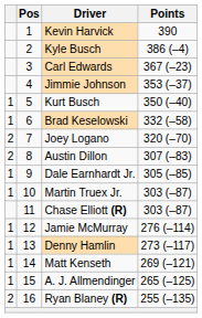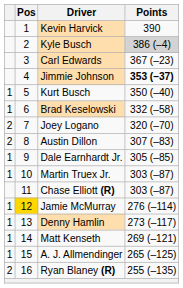 <table class="wikitable" style="font-size: 95%;">
 <tr>
 <th></th>
 <th>Pos</th>
 <th>Driver</th>
 <th>Points</th>
 </tr>
 <tr>
 <td align="left"></td>
 <td style="text-align:center;">1</td>
 <td style="background:#FFDEAD;">Kevin Harvick</td>
 <td style="text-align:center;">390</td>
 </tr>
 <tr>
 <td align="left"></td>
 <td style="text-align:center;">2</td>
 <td style="background:#FFDEAD;">Kyle Busch</td>
-<td style="text-align:center;">386 (–4)</td>
+<td style="background: lightgrey; text-align:center;">386 (–4)</td>
 </tr>
 <tr>
 <td align="left"></td>
 <td style="text-align:center;">3</td>
 <td style="background:#FFDEAD;">Carl Edwards</td>
 <td style="text-align:center;">367 (–23)</td>
 </tr>
 <tr>
 <td align="left"></td>
 <td style="text-align:center;">4</td>
 <td style="background:#FFDEAD;">Jimmie Johnson</td>
-<td style="text-align:center;">353 (–37)</td>
+<td style="text-align:center;"><strong>353 (–37)</strong></td>
 </tr>
 <tr>
 <td align="left"> 1</td>
 <td style="text-align:center;">5</td>
 <td>Kurt Busch</td>
 <td style="text-align:center;">350 (–40)</td>
 </tr>
 <tr>
 <td align="left"> 1</td>
 <td style="text-align:center;">6</td>
 <td style="background:#FFDEAD;">Brad Keselowski</td>
 <td style="text-align:center;">332 (–58)</td>
 </tr>
 <tr>
 <td align="left"> 2</td>
 <td style="text-align:center;">7</td>
 <td>Joey Logano</td>
 <td style="text-align:center;">320 (–70)</td>
 </tr>
 <tr>
 <td align="left"> 2</td>
 <td style="text-align:center;">8</td>
 <td>Austin Dillon</td>
 <td style="text-align:center;">307 (–83)</td>
 </tr>
 <tr>
 <td align="left"> 1</td>
 <td style="text-align:center;">9</td>
 <td>Dale Earnhardt Jr.</td>
 <td style="text-align:center;">305 (–85)</td>
 </tr>
 <tr>
 <td align="left"> 1</td>
 <td style="text-align:center;">10</td>
 <td>Martin Truex Jr.</td>
 <td style="text-align:center;">303 (–87)</td>
 </tr>
 <tr>
 <td align="left"></td>
 <td style="text-align:center;">11</td>
 <td>Chase Elliott <strong>(R)</strong></td>
 <td style="text-align:center;">303 (–87)</td>
 </tr>
 <tr>
 <td align="left"> 1</td>
-<td style="text-align:center;">12</td>
+<td style="background: gold; text-align:center;">12</td>
 <td>Jamie McMurray</td>
 <td style="text-align:center;">276 (–114)</td>
 </tr>
 <tr>
 <td align="left"> 1</td>
 <td style="text-align:center;">13</td>
 <td style="background:#FFDEAD;">Denny Hamlin</td>
 <td style="text-align:center;">273 (–117)</td>
 </tr>
 <tr>
 <td align="left"> 1</td>
 <td style="text-align:center;">14</td>
 <td>Matt Kenseth</td>
 <td style="text-align:center;">269 (–121)</td>
 </tr>
 <tr>
 <td align="left"> 1</td>
 <td style="text-align:center;">15</td>
 <td>A. J. Allmendinger</td>
 <td style="text-align:center;">265 (–125)</td>
 </tr>
 <tr>
 <td align="left"> 2</td>
 <td style="text-align:center;">16</td>
 <td>Ryan Blaney <strong>(R)</strong></td>
 <td style="text-align:center;">255 (–135)</td>
 </tr>
 <tr class="sortbottom">
 <th colspan="9"></th>
 </tr>
 </table>
